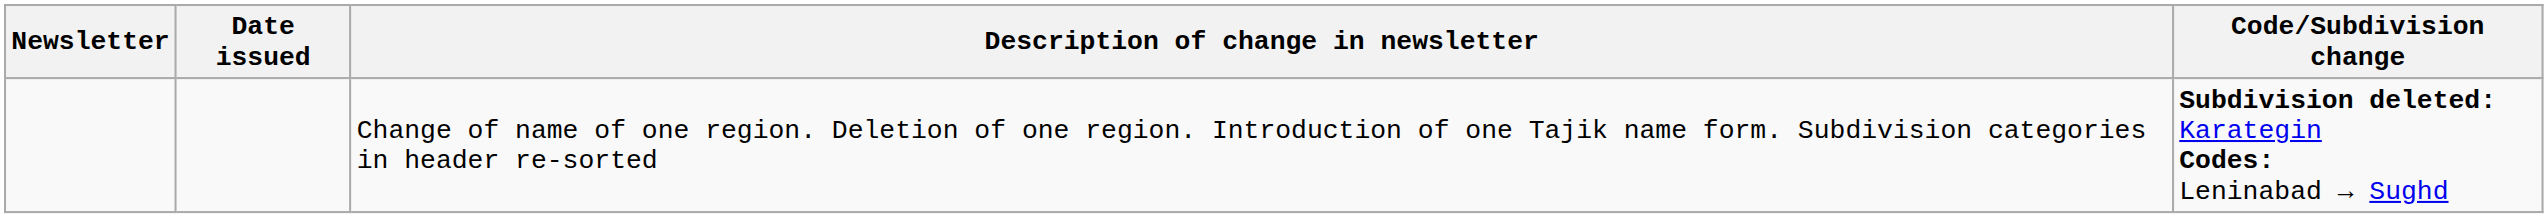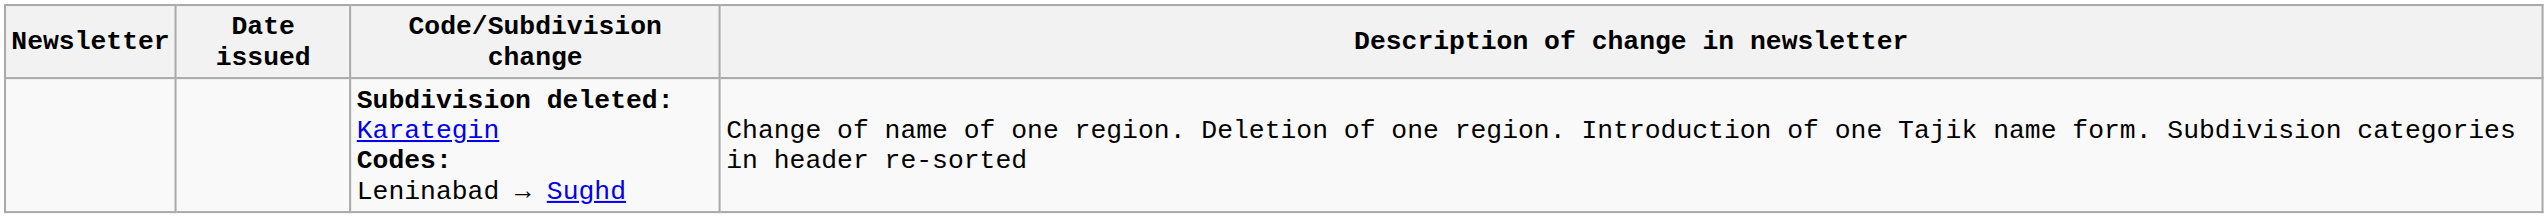 <table class="wikitable">
 <tr>
 <th>Newsletter</th>
 <th>Date issued</th>
+<th>Code/Subdivision change</th>
 <th>Description of change in newsletter</th>
-<th>Code/Subdivision change</th>
 </tr>
 <tr>
 <td id="I-4"></td>
 <td></td>
+<td style=white-space:nowrap><strong>Subdivision deleted:</strong><br>  <a href='#'>Karategin</a><br> <strong>Codes:</strong><br>  Leninabad →  <a href='#'>Sughd</a></td>
 <td>Change of name of one region. Deletion of one region. Introduction of one Tajik name form. Subdivision categories in header re-sorted</td>
-<td style=white-space:nowrap><strong>Subdivision deleted:</strong><br>  <a href='#'>Karategin</a><br> <strong>Codes:</strong><br>  Leninabad →  <a href='#'>Sughd</a></td>
 </tr>
 </table>
